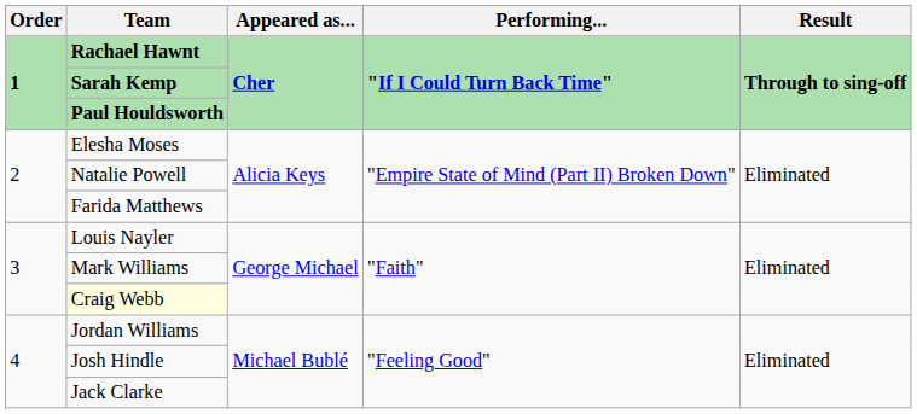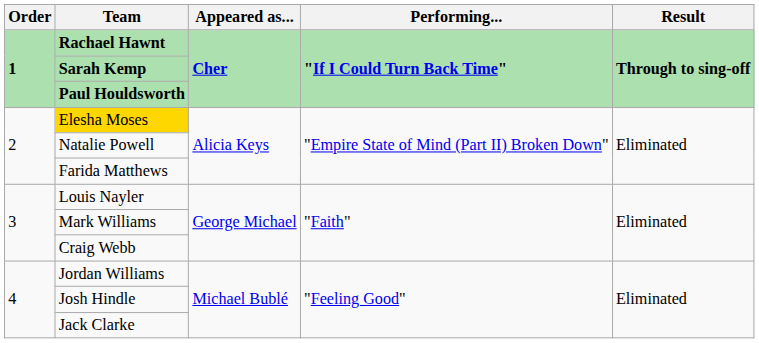 <table class="wikitable">
 <tr>
 <th>Order</th>
 <th>Team</th>
 <th>Appeared as...</th>
 <th>Performing...</th>
 <th>Result</th>
 </tr>
 <tr style="background:#ACE1AF;">
 <td rowspan="3"><strong>1</strong></td>
 <td><strong>Rachael Hawnt</strong></td>
 <td rowspan="3"><strong><a href='#'>Cher</a></strong></td>
 <td rowspan="3"><strong>"<a href='#'>If I Could Turn Back Time</a>"</strong></td>
 <td rowspan="3"><strong>Through to sing-off</strong></td>
 </tr>
 <tr>
 <td style="background:#ACE1AF;"><strong>Sarah Kemp</strong></td>
 </tr>
 <tr>
 <td style="background:#ACE1AF;"><strong>Paul Houldsworth</strong></td>
 </tr>
 <tr>
 <td rowspan="3">2</td>
-<td>Elesha Moses</td>
+<td style="background: gold;">Elesha Moses</td>
 <td rowspan="3"><a href='#'>Alicia Keys</a></td>
 <td rowspan="3">"<a href='#'>Empire State of Mind (Part II) Broken Down</a>"</td>
 <td rowspan="3">Eliminated</td>
 </tr>
 <tr>
 <td>Natalie Powell</td>
 </tr>
 <tr>
 <td>Farida Matthews</td>
 </tr>
 <tr>
 <td rowspan="3">3</td>
 <td>Louis Nayler</td>
 <td rowspan="3"><a href='#'>George Michael</a></td>
 <td rowspan="3">"<a href='#'>Faith</a>"</td>
 <td rowspan="3">Eliminated</td>
 </tr>
 <tr>
 <td>Mark Williams</td>
 </tr>
 <tr>
-<td style="background: lightyellow;">Craig Webb</td>
+<td>Craig Webb</td>
 </tr>
 <tr>
 <td rowspan="3">4</td>
 <td>Jordan Williams</td>
 <td rowspan="3"><a href='#'>Michael Bublé</a></td>
 <td rowspan="3">"<a href='#'>Feeling Good</a>"</td>
 <td rowspan="3">Eliminated</td>
 </tr>
 <tr>
 <td>Josh Hindle</td>
 </tr>
 <tr>
 <td>Jack Clarke</td>
 </tr>
 </table>
